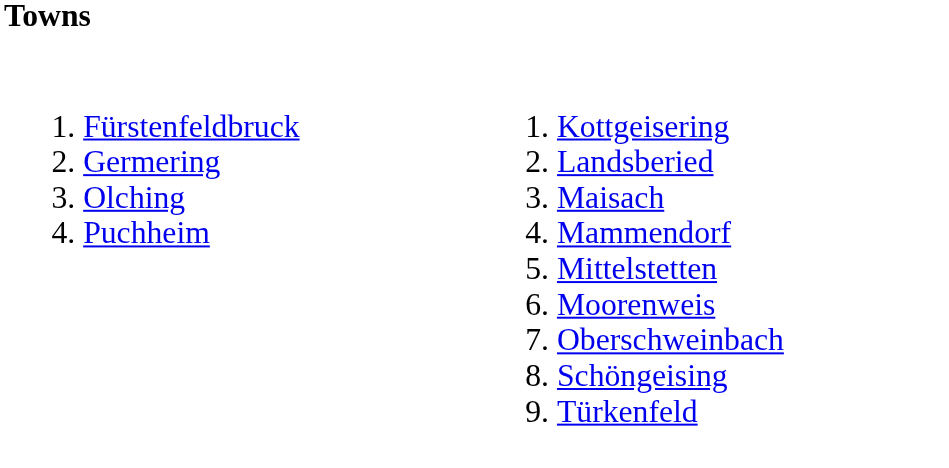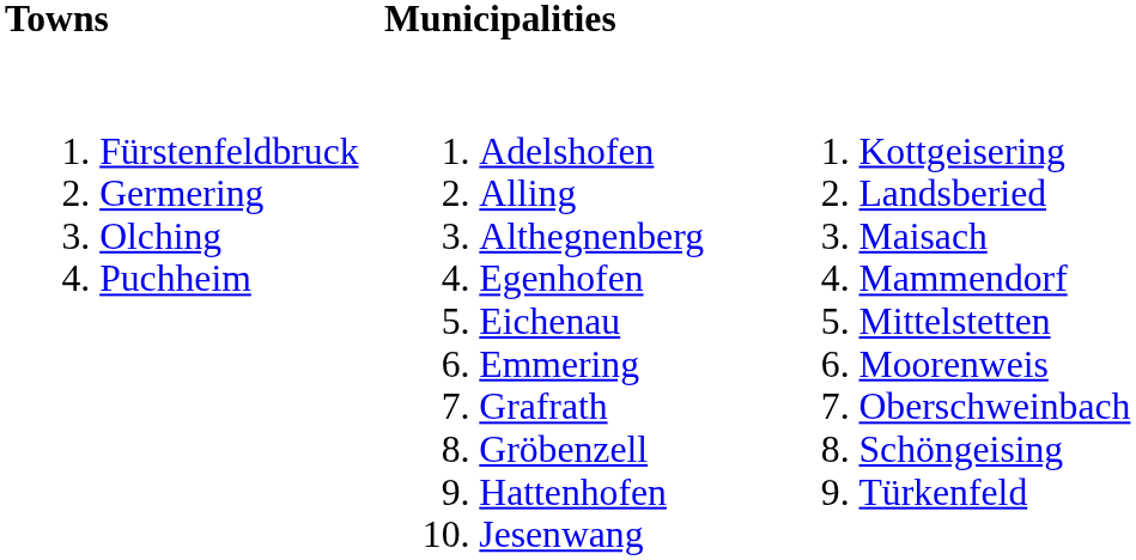 <table>
 <tr>
 <th align=left width=33%>Towns</th>
+<th align=left width=33%>Municipalities</th>
 <th align=left width=33%></th>
 </tr>
 <tr valign=top>
 <td><br><ol><li><a href='#'>Fürstenfeldbruck</a></li><li><a href='#'>Germering</a></li><li><a href='#'>Olching</a></li><li><a href='#'>Puchheim</a></li></ol></td>
+<td><br><ol><li><a href='#'>Adelshofen</a></li><li><a href='#'>Alling</a></li><li><a href='#'>Althegnenberg</a></li><li><a href='#'>Egenhofen</a></li><li><a href='#'>Eichenau</a></li><li><a href='#'>Emmering</a></li><li><a href='#'>Grafrath</a></li><li><a href='#'>Gröbenzell</a></li><li><a href='#'>Hattenhofen</a></li><li><a href='#'>Jesenwang</a></li></ol></td>
 <td><br><ol> <li> <a href='#'>Kottgeisering</a> <li> <a href='#'>Landsberied</a> <li> <a href='#'>Maisach</a> <li> <a href='#'>Mammendorf</a> <li> <a href='#'>Mittelstetten</a> <li> <a href='#'>Moorenweis</a> <li> <a href='#'>Oberschweinbach</a> <li> <a href='#'>Schöngeising</a> <li> <a href='#'>Türkenfeld</a> </ol></td>
 </tr>
 </table>
